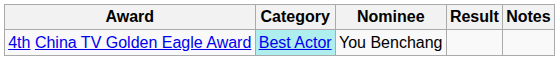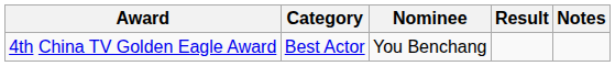 <table class="wikitable">
 <tr>
 <th>Award</th>
 <th>Category</th>
 <th>Nominee</th>
 <th>Result</th>
 <th>Notes</th>
 </tr>
 <tr>
 <td><a href='#'>4th</a> <a href='#'>China TV Golden Eagle Award</a></td>
-<td style="background: paleturquoise;"><a href='#'>Best Actor</a></td>
+<td><a href='#'>Best Actor</a></td>
 <td>You Benchang</td>
 <td></td>
 <td></td>
 </tr>
 <tr>
 </tr>
 </table>
